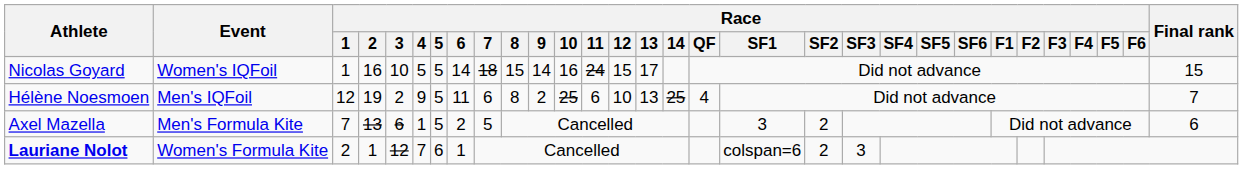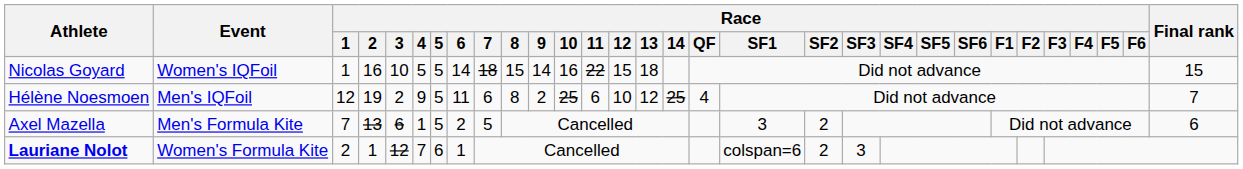 <table class="wikitable" style="font-size:90%">
 <tr>
 <th rowspan="2">Athlete</th>
 <th rowspan="2">Event</th>
 <th colspan=27>Race</th>
 <th rowspan=2>Final rank</th>
 </tr>
 <tr style="font-size:95%">
 <th>1</th>
 <th>2</th>
 <th>3</th>
 <th>4</th>
 <th>5</th>
 <th>6</th>
 <th>7</th>
 <th>8</th>
 <th>9</th>
 <th>10</th>
 <th>11</th>
 <th>12</th>
 <th>13</th>
 <th>14</th>
 <th>QF</th>
 <th>SF1</th>
 <th>SF2</th>
 <th>SF3</th>
 <th>SF4</th>
 <th>SF5</th>
 <th>SF6</th>
 <th>F1</th>
 <th>F2</th>
 <th>F3</th>
 <th>F4</th>
 <th>F5</th>
 <th>F6</th>
 </tr>
 <tr align=center>
 <td align=left><a href='#'>Nicolas Goyard</a></td>
 <td align=left><a href='#'>Women's IQFoil</a></td>
 <td>1</td>
 <td>16</td>
 <td>10</td>
 <td>5</td>
 <td>5</td>
 <td>14</td>
 <td><s>18</s></td>
 <td>15</td>
 <td>14</td>
 <td>16</td>
-<td><s>24</s></td>
+<td><s>22</s></td>
 <td>15</td>
-<td>17</td>
+<td>18</td>
 <td></td>
 <td colspan="13">Did not advance</td>
 <td>15</td>
 </tr>
 <tr align=center>
 <td align=left><a href='#'>Hélène Noesmoen</a></td>
 <td align=left><a href='#'>Men's IQFoil</a></td>
 <td>12</td>
 <td>19</td>
 <td>2</td>
 <td>9</td>
 <td>5</td>
 <td>11</td>
 <td>6</td>
 <td>8</td>
 <td>2</td>
 <td><s>25</s><br></td>
 <td>6</td>
 <td>10</td>
-<td>13</td>
+<td>12</td>
 <td><s>25</s><br></td>
 <td>4</td>
 <td colspan="12">Did not advance</td>
 <td>7</td>
 </tr>
 <tr align=center>
 <td align=left><a href='#'>Axel Mazella</a></td>
 <td align=left><a href='#'>Men's Formula Kite</a></td>
 <td>7</td>
 <td><s>13</s></td>
 <td><s>6</s></td>
 <td>1</td>
 <td>5</td>
 <td>2</td>
 <td>5</td>
 <td colspan="7">Cancelled</td>
 <td></td>
 <td>3</td>
 <td>2</td>
 <td colspan=4></td>
 <td colspan=6>Did not advance</td>
 <td>6</td>
 </tr>
 <tr align=center>
 <td align=left><strong><a href='#'>Lauriane Nolot</a></strong></td>
 <td align=left><a href='#'>Women's Formula Kite</a></td>
 <td>2</td>
 <td>1</td>
 <td><s>12</s></td>
 <td>7</td>
 <td>6</td>
 <td>1</td>
 <td colspan="8">Cancelled</td>
 <td></td>
 <td>colspan=6 </td>
 <td>2</td>
 <td>3</td>
 <td colspan=4></td>
 <td></td>
 </tr>
 </table>
